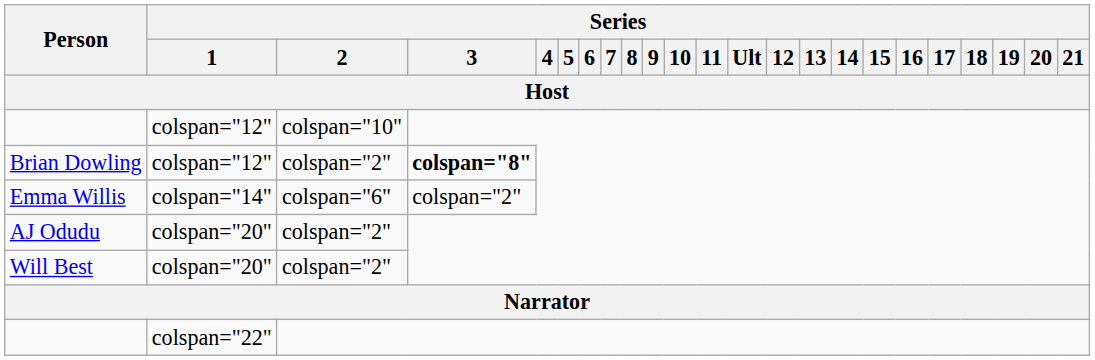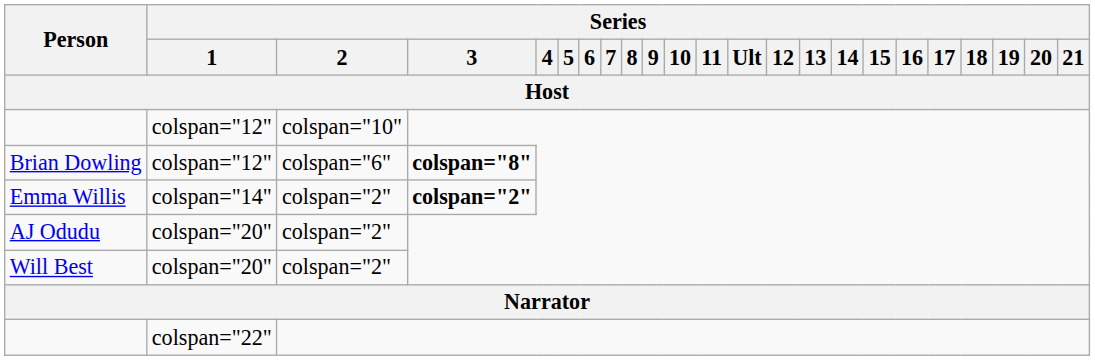 <table class="wikitable" style="width:85%">
 <tr>
 <th rowspan="2" style="width:135px">Person</th>
 <th colspan="23">Series</th>
 </tr>
 <tr>
 <th style="width:40px">1</th>
 <th style="width:40px">2</th>
 <th style="width:40px">3</th>
 <th style="width:40px">4</th>
 <th style="width:40px">5</th>
 <th style="width:40px">6</th>
 <th style="width:40px">7</th>
 <th style="width:40px">8</th>
 <th style="width:40px">9</th>
 <th style="width:40px">10</th>
 <th style="width:40px">11</th>
 <th style="width:40px">Ult</th>
 <th style="width:40px">12</th>
 <th style="width:40px">13</th>
 <th style="width:40px">14</th>
 <th style="width:40px">15</th>
 <th style="width:40px">16</th>
 <th style="width:40px">17</th>
 <th style="width:40px">18</th>
 <th style="width:40px">19</th>
 <th style="width:40px">20</th>
 <th style="width:40px">21</th>
 </tr>
 <tr>
 <th colspan="23">Host</th>
 </tr>
 <tr>
 <td></td>
 <td>colspan="12" </td>
 <td>colspan="10" </td>
 </tr>
 <tr>
 <td nowrap><a href='#'>Brian Dowling</a></td>
 <td>colspan="12" </td>
-<td>colspan="2" </td>
+<td>colspan="6" </td>
 <td><strong>colspan="8" </strong></td>
 </tr>
 <tr>
 <td><a href='#'>Emma Willis</a></td>
 <td>colspan="14" </td>
-<td>colspan="6" </td>
 <td>colspan="2" </td>
+<td><strong>colspan="2" </strong></td>
 </tr>
 <tr>
 <td><a href='#'>AJ Odudu</a></td>
 <td>colspan="20" </td>
 <td>colspan="2" </td>
 </tr>
 <tr>
 <td><a href='#'>Will Best</a></td>
 <td>colspan="20" </td>
 <td>colspan="2" </td>
 </tr>
 <tr>
 <th colspan="23">Narrator</th>
 </tr>
 <tr>
 <td></td>
 <td>colspan="22" </td>
 </tr>
 </table>
